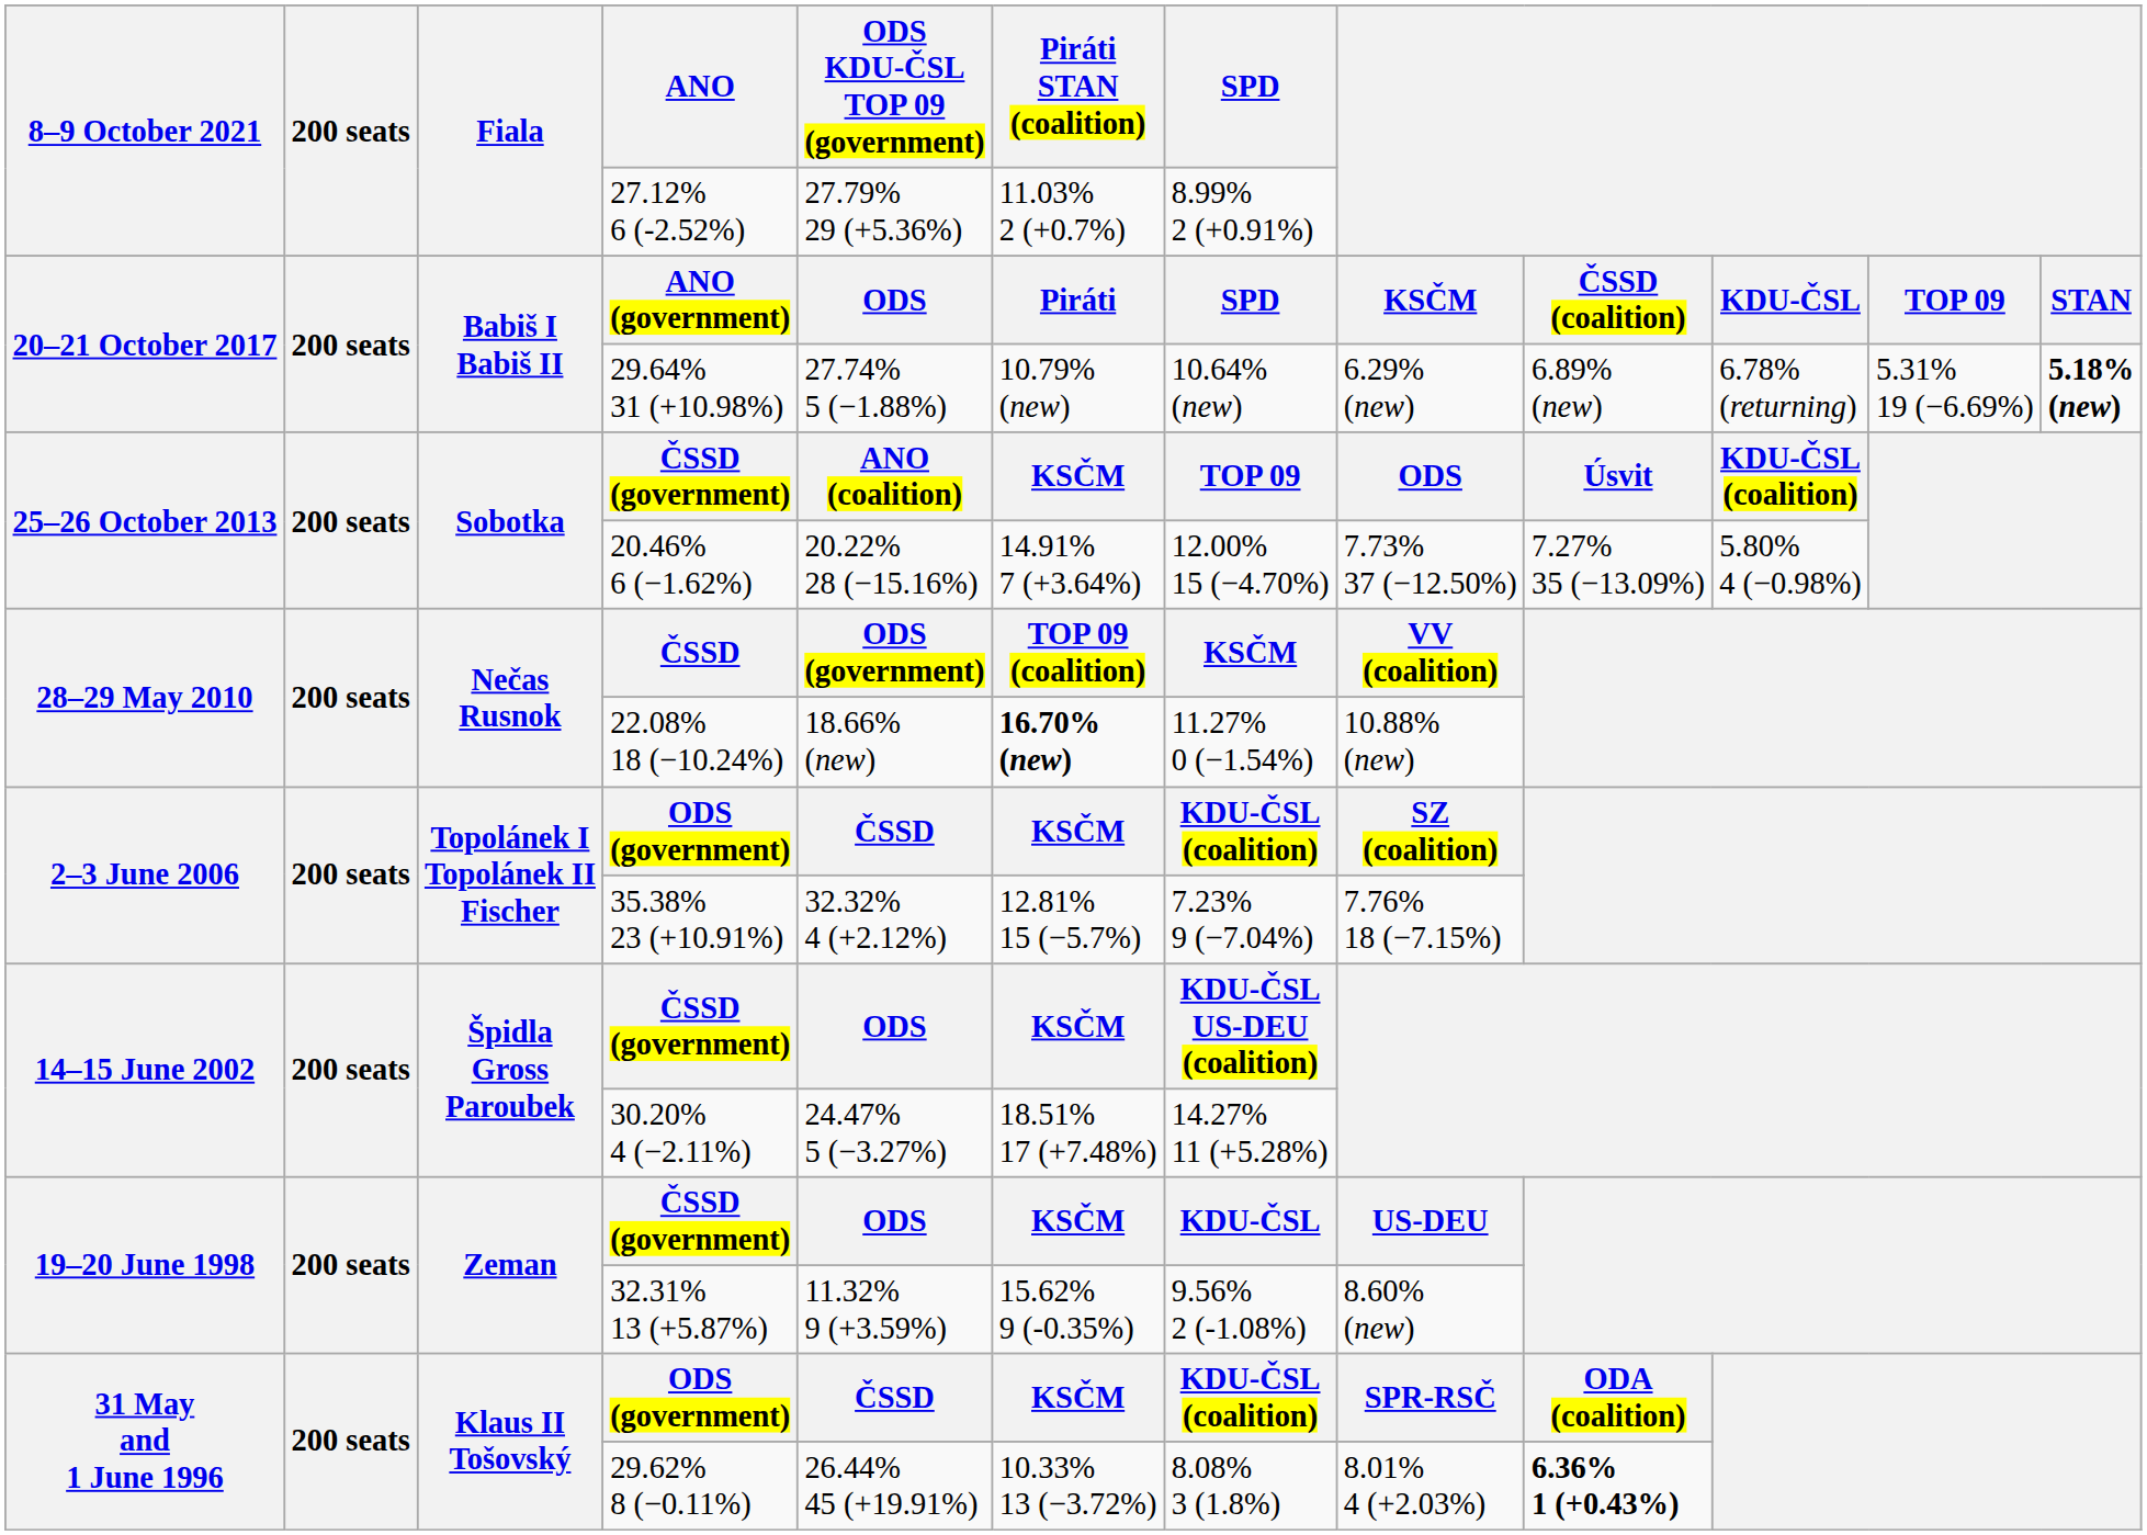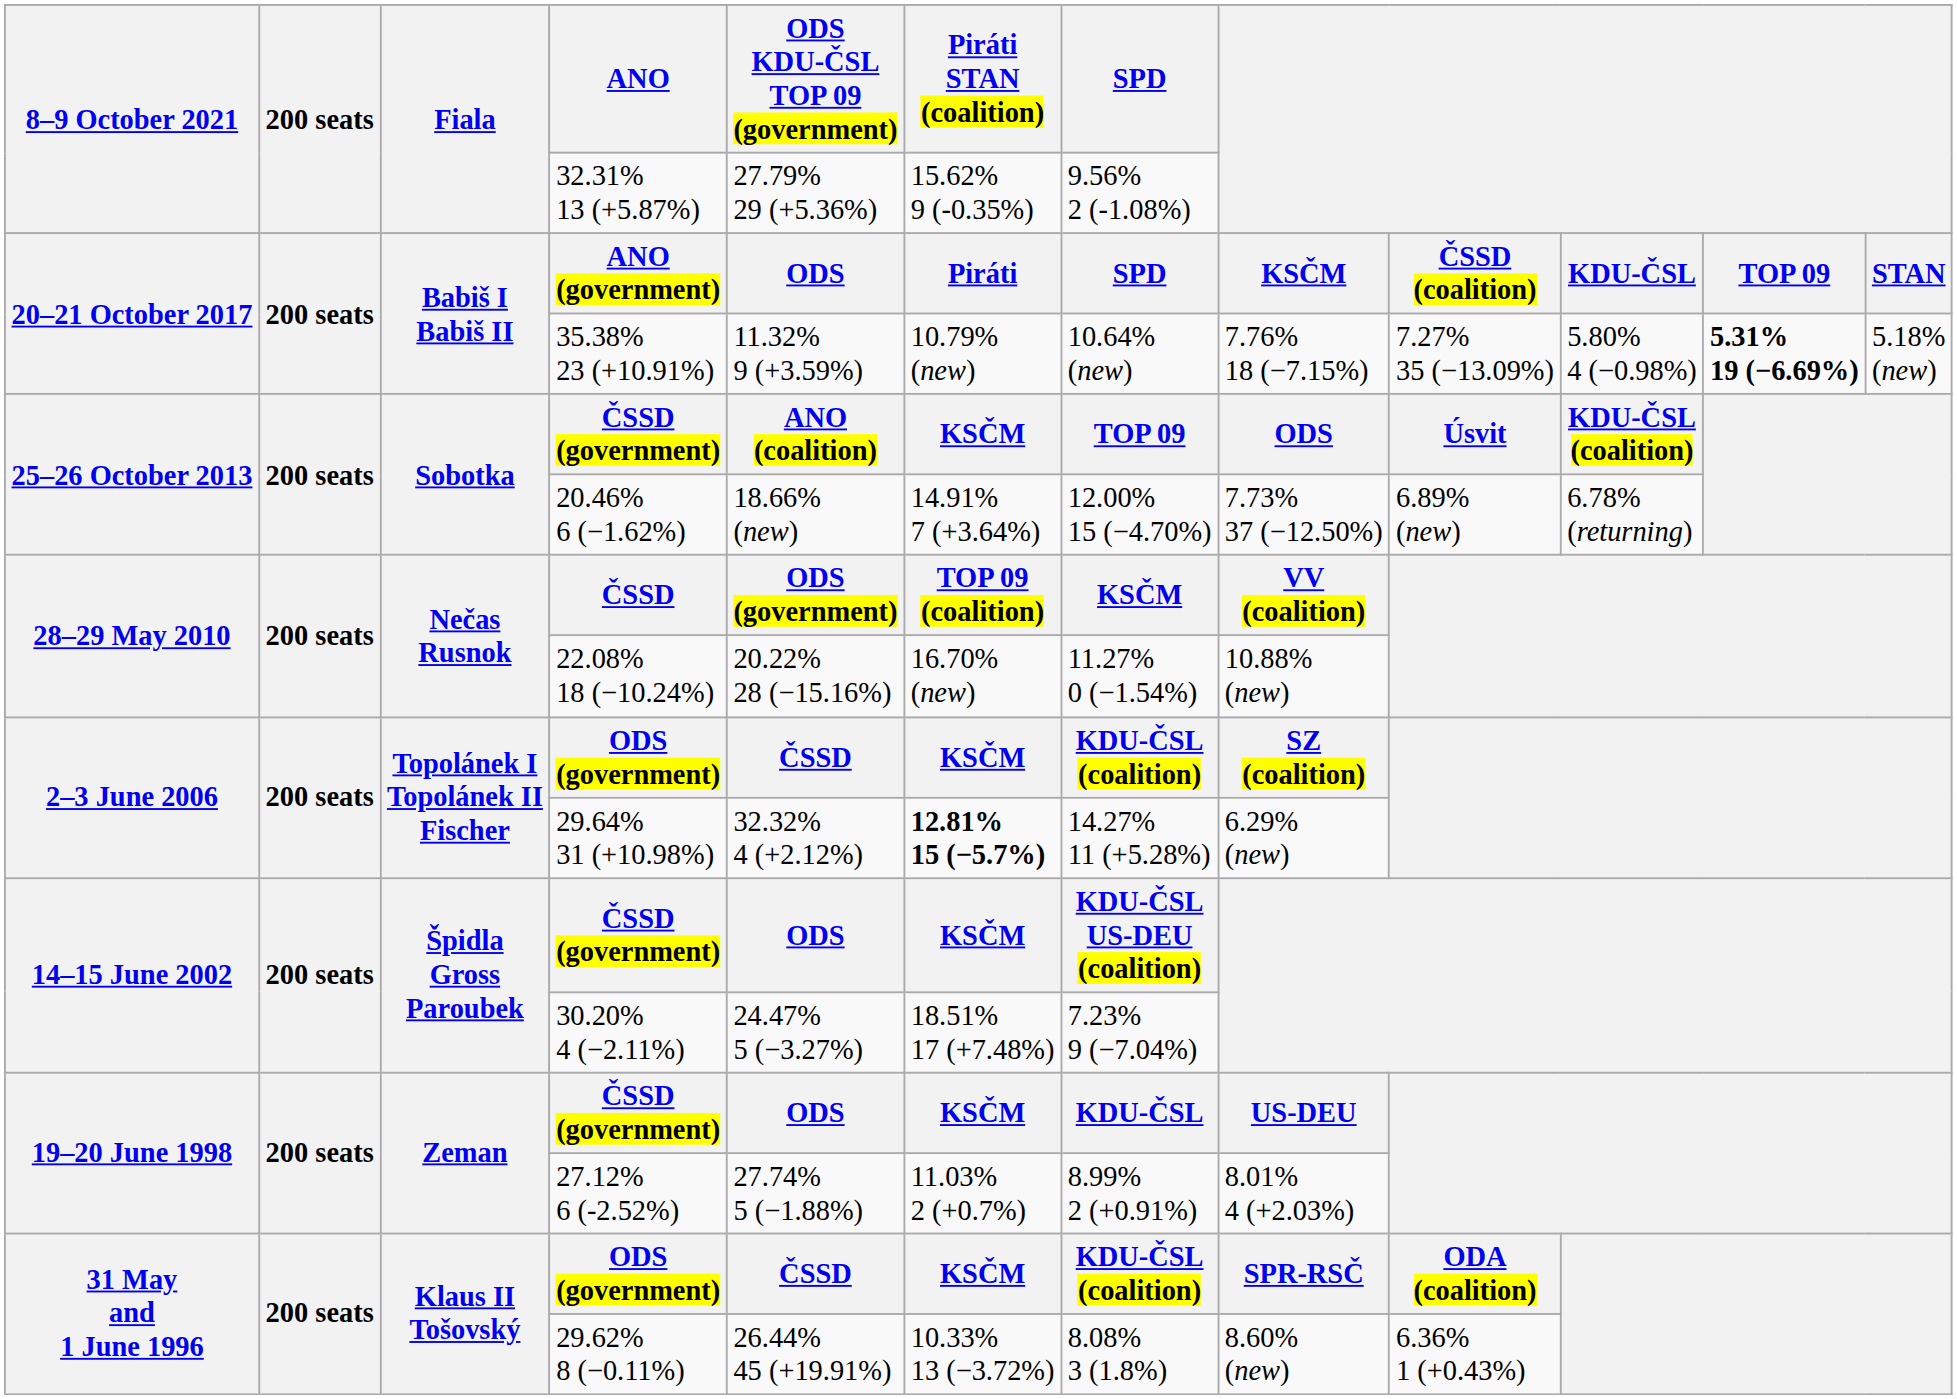 <table class=wikitable style=text-align:left;font-size:95%>
 <tr>
 <th rowspan=2><a href='#'>8–9 October 2021</a></th>
 <th rowspan=2>200 seats</th>
 <th rowspan=2><a href='#'>Fiala</a></th>
 <th><a href='#'>ANO</a></th>
 <th><a href='#'>ODS</a><br><a href='#'>KDU-ČSL</a><br><a href='#'>TOP 09</a><br><mark>(government)</mark></th>
 <th><a href='#'>Piráti</a><br><a href='#'>STAN</a><br><mark>(coalition)</mark></th>
 <th><a href='#'>SPD</a></th>
 <th colspan="5" rowspan="2" style=text-align:center> </th>
 </tr>
 <tr>
-<td> 27.12%<br>6 (-2.52%)</td>
+<td> 32.31%<br>13 (+5.87%)</td>
 <td> 27.79%<br>29 (+5.36%)</td>
-<td> 11.03%<br>2 (+0.7%)</td>
-<td> 8.99%<br>2 (+0.91%)</td>
+<td> 15.62%<br>9 (-0.35%)</td>
+<td> 9.56%<br>2 (-1.08%)</td>
 </tr>
 <tr>
 <th rowspan=2><a href='#'>20–21 October 2017</a></th>
 <th rowspan=2>200 seats</th>
 <th rowspan=2><a href='#'>Babiš I</a><br> <a href='#'>Babiš II</a></th>
 <th><a href='#'>ANO</a><br><mark>(government)</mark></th>
 <th><a href='#'>ODS</a></th>
 <th><a href='#'>Piráti</a></th>
 <th><a href='#'>SPD</a></th>
 <th><a href='#'>KSČM</a></th>
 <th><a href='#'>ČSSD</a><br><mark>(coalition)</mark></th>
 <th><a href='#'>KDU-ČSL</a></th>
 <th><a href='#'>TOP 09</a></th>
 <th><a href='#'>STAN</a></th>
 </tr>
 <tr>
-<td> 29.64%<br>31 (+10.98%)</td>
-<td> 27.74%<br>5 (−1.88%)</td>
+<td> 35.38%<br>23 (+10.91%)</td>
+<td> 11.32%<br>9 (+3.59%)</td>
 <td> 10.79%<br>(<em>new</em>)</td>
 <td> 10.64%<br>(<em>new</em>)</td>
-<td> 6.29%<br>(<em>new</em>)</td>
-<td> 6.89%<br>(<em>new</em>)</td>
-<td> 6.78%<br>(<em>returning</em>)</td>
-<td> 5.31%<br>19 (−6.69%)</td>
-<td><strong> 5.18%<br>(<em>new</em>)</strong></td>
+<td> 7.76%<br>18 (−7.15%)</td>
+<td> 7.27%<br>35 (−13.09%)</td>
+<td> 5.80%<br>4 (−0.98%)</td>
+<td><strong> 5.31%<br>19 (−6.69%)</strong></td>
+<td> 5.18%<br>(<em>new</em>)</td>
 </tr>
 <tr>
 <th rowspan=2><a href='#'>25–26 October 2013</a></th>
 <th rowspan=2>200 seats</th>
 <th rowspan=2><a href='#'>Sobotka</a></th>
 <th><a href='#'>ČSSD</a><br><mark>(government)</mark></th>
 <th><a href='#'>ANO</a><br><mark>(coalition)</mark></th>
 <th><a href='#'>KSČM</a></th>
 <th><a href='#'>TOP 09</a></th>
 <th><a href='#'>ODS</a></th>
 <th><a href='#'>Úsvit</a></th>
 <th><a href='#'>KDU-ČSL</a><br><mark>(coalition)</mark></th>
 <th colspan="2" rowspan="2" style=text-align:center> </th>
 </tr>
 <tr>
 <td> 20.46%<br>6 (−1.62%)</td>
-<td> 20.22%<br>28 (−15.16%)</td>
+<td> 18.66%<br>(<em>new</em>)</td>
 <td> 14.91%<br>7 (+3.64%)</td>
 <td> 12.00%<br>15 (−4.70%)</td>
 <td> 7.73%<br>37 (−12.50%)</td>
-<td> 7.27%<br>35 (−13.09%)</td>
-<td> 5.80%<br>4 (−0.98%)</td>
+<td> 6.89%<br>(<em>new</em>)</td>
+<td> 6.78%<br>(<em>returning</em>)</td>
 </tr>
 <tr>
 <th rowspan=2><a href='#'>28–29 May 2010</a></th>
 <th rowspan=2>200 seats</th>
 <th rowspan=2><a href='#'>Nečas</a><br><a href='#'>Rusnok</a></th>
 <th><a href='#'>ČSSD</a></th>
 <th><a href='#'>ODS</a><br><mark>(government)</mark></th>
 <th><a href='#'>TOP 09</a><br><mark>(coalition)</mark></th>
 <th><a href='#'>KSČM</a></th>
 <th><a href='#'>VV</a><br><mark>(coalition)</mark></th>
 <th colspan="4" rowspan="2" style=text-align:center> </th>
 </tr>
 <tr>
 <td> 22.08%<br>18 (−10.24%)</td>
-<td> 18.66%<br>(<em>new</em>)</td>
-<td><strong> 16.70%<br>(<em>new</em>)</strong></td>
+<td> 20.22%<br>28 (−15.16%)</td>
+<td> 16.70%<br>(<em>new</em>)</td>
 <td> 11.27%<br>0 (−1.54%)</td>
 <td> 10.88%<br>(<em>new</em>)</td>
 </tr>
 <tr>
 <th rowspan=2><a href='#'>2–3 June 2006</a></th>
 <th rowspan=2>200 seats</th>
 <th rowspan=2><a href='#'>Topolánek I</a><br><a href='#'>Topolánek II</a><br><a href='#'>Fischer</a></th>
 <th><a href='#'>ODS</a><br><mark>(government)</mark></th>
 <th><a href='#'>ČSSD</a></th>
 <th><a href='#'>KSČM</a></th>
 <th><a href='#'>KDU-ČSL</a><br><mark>(coalition)</mark></th>
 <th><a href='#'>SZ</a><br><mark>(coalition)</mark></th>
 <th colspan="4" rowspan="2" style=text-align:center> </th>
 </tr>
 <tr>
-<td> 35.38%<br>23 (+10.91%)</td>
+<td> 29.64%<br>31 (+10.98%)</td>
 <td> 32.32%<br>4 (+2.12%)</td>
-<td> 12.81%<br>15 (−5.7%)</td>
-<td> 7.23%<br>9 (−7.04%)</td>
-<td> 7.76%<br>18 (−7.15%)</td>
+<td><strong> 12.81%<br>15 (−5.7%)</strong></td>
+<td> 14.27%<br>11 (+5.28%)</td>
+<td> 6.29%<br>(<em>new</em>)</td>
 </tr>
 <tr>
 <th rowspan=2><a href='#'>14–15 June 2002</a></th>
 <th rowspan=2>200 seats</th>
 <th rowspan=2><a href='#'>Špidla</a><br><a href='#'>Gross</a><br><a href='#'>Paroubek</a></th>
 <th><a href='#'>ČSSD</a><br><mark>(government)</mark></th>
 <th><a href='#'>ODS</a></th>
 <th><a href='#'>KSČM</a></th>
 <th><a href='#'>KDU-ČSL</a><br><a href='#'>US-DEU</a><br><mark>(coalition)</mark></th>
 <th colspan="5" rowspan="2" style=text-align:center> </th>
 </tr>
 <tr>
 <td> 30.20%<br>4 (−2.11%)</td>
 <td> 24.47%<br>5 (−3.27%)</td>
 <td> 18.51%<br>17 (+7.48%)</td>
-<td> 14.27%<br>11 (+5.28%)</td>
+<td> 7.23%<br>9 (−7.04%)</td>
 </tr>
 <tr>
 <th rowspan=2><a href='#'>19–20 June 1998</a></th>
 <th rowspan=2>200 seats</th>
 <th rowspan=2><a href='#'>Zeman</a></th>
 <th><a href='#'>ČSSD</a><br><mark>(government)</mark></th>
 <th><a href='#'>ODS</a></th>
 <th><a href='#'>KSČM</a></th>
 <th><a href='#'>KDU-ČSL</a></th>
 <th><a href='#'>US-DEU</a></th>
 <th colspan="4" rowspan="2" style=text-align:center> </th>
 </tr>
 <tr>
-<td> 32.31%<br>13 (+5.87%)</td>
-<td> 11.32%<br>9 (+3.59%)</td>
-<td> 15.62%<br>9 (-0.35%)</td>
-<td> 9.56%<br>2 (-1.08%)</td>
-<td> 8.60%<br>(<em>new</em>)</td>
+<td> 27.12%<br>6 (-2.52%)</td>
+<td> 27.74%<br>5 (−1.88%)</td>
+<td> 11.03%<br>2 (+0.7%)</td>
+<td> 8.99%<br>2 (+0.91%)</td>
+<td> 8.01%<br>4 (+2.03%)</td>
 </tr>
 <tr>
 <th rowspan=2><a href='#'>31 May<br>and<br>1 June 1996</a></th>
 <th rowspan=2>200 seats</th>
 <th rowspan=2><a href='#'>Klaus II</a><br><a href='#'>Tošovský</a></th>
 <th><a href='#'>ODS</a><br><mark>(government)</mark></th>
 <th><a href='#'>ČSSD</a></th>
 <th><a href='#'>KSČM</a></th>
 <th><a href='#'>KDU-ČSL</a><br><mark>(coalition)</mark></th>
 <th><a href='#'>SPR-RSČ</a></th>
 <th><a href='#'>ODA</a><br><mark>(coalition)</mark></th>
 <th colspan="3" rowspan="2" style=text-align:center> </th>
 </tr>
 <tr>
 <td> 29.62%<br>8 (−0.11%)</td>
 <td> 26.44%<br>45 (+19.91%)</td>
 <td> 10.33%<br>13 (−3.72%)</td>
 <td> 8.08%<br>3 (1.8%)</td>
-<td> 8.01%<br>4 (+2.03%)</td>
-<td><strong> 6.36%<br>1 (+0.43%)</strong></td>
+<td> 8.60%<br>(<em>new</em>)</td>
+<td> 6.36%<br>1 (+0.43%)</td>
 </tr>
 </table>
